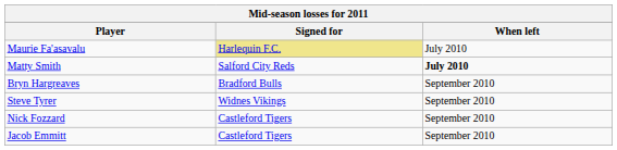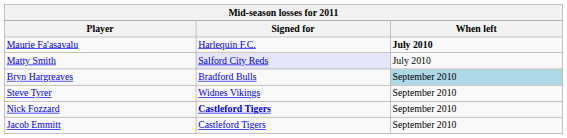 <table class="wikitable" width="65%" style="font-size:90%">
 <tr bgcolor="#efefef">
 <th colspan=11>Mid-season losses for 2011</th>
 </tr>
 <tr bgcolor="#efefef">
 </tr>
 <tr>
 <th>Player</th>
 <th>Signed for</th>
 <th>When left</th>
 </tr>
 <tr>
 <td><a href='#'>Maurie Fa'asavalu</a></td>
-<td style="background: khaki;"><a href='#'>Harlequin F.C.</a></td>
-<td>July 2010</td>
+<td><a href='#'>Harlequin F.C.</a></td>
+<td><strong>July 2010</strong></td>
 </tr>
 <tr>
 <td><a href='#'>Matty Smith</a></td>
-<td><a href='#'>Salford City Reds</a></td>
-<td><strong>July 2010</strong></td>
+<td style="background: lavender;"><a href='#'>Salford City Reds</a></td>
+<td>July 2010</td>
 </tr>
 <tr>
 <td><a href='#'>Bryn Hargreaves</a></td>
 <td><a href='#'>Bradford Bulls</a></td>
-<td>September 2010</td>
+<td style="background: lightblue;">September 2010</td>
 </tr>
 <tr>
 <td><a href='#'>Steve Tyrer</a></td>
 <td><a href='#'>Widnes Vikings</a></td>
 <td>September 2010</td>
 </tr>
 <tr>
 <td><a href='#'>Nick Fozzard</a></td>
-<td><a href='#'>Castleford Tigers</a></td>
+<td><strong><a href='#'>Castleford Tigers</a></strong></td>
 <td>September 2010</td>
 </tr>
 <tr>
 <td><a href='#'>Jacob Emmitt</a></td>
 <td><a href='#'>Castleford Tigers</a></td>
 <td>September 2010</td>
 </tr>
 </table>
